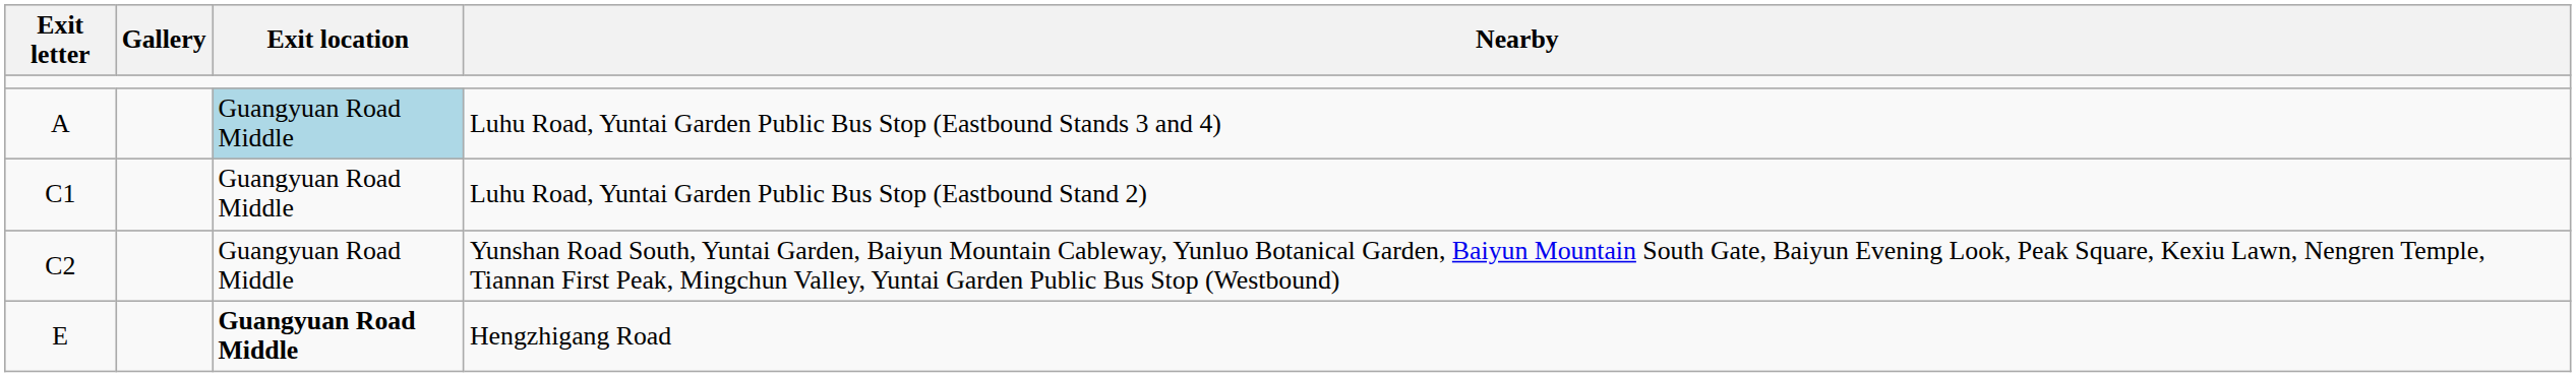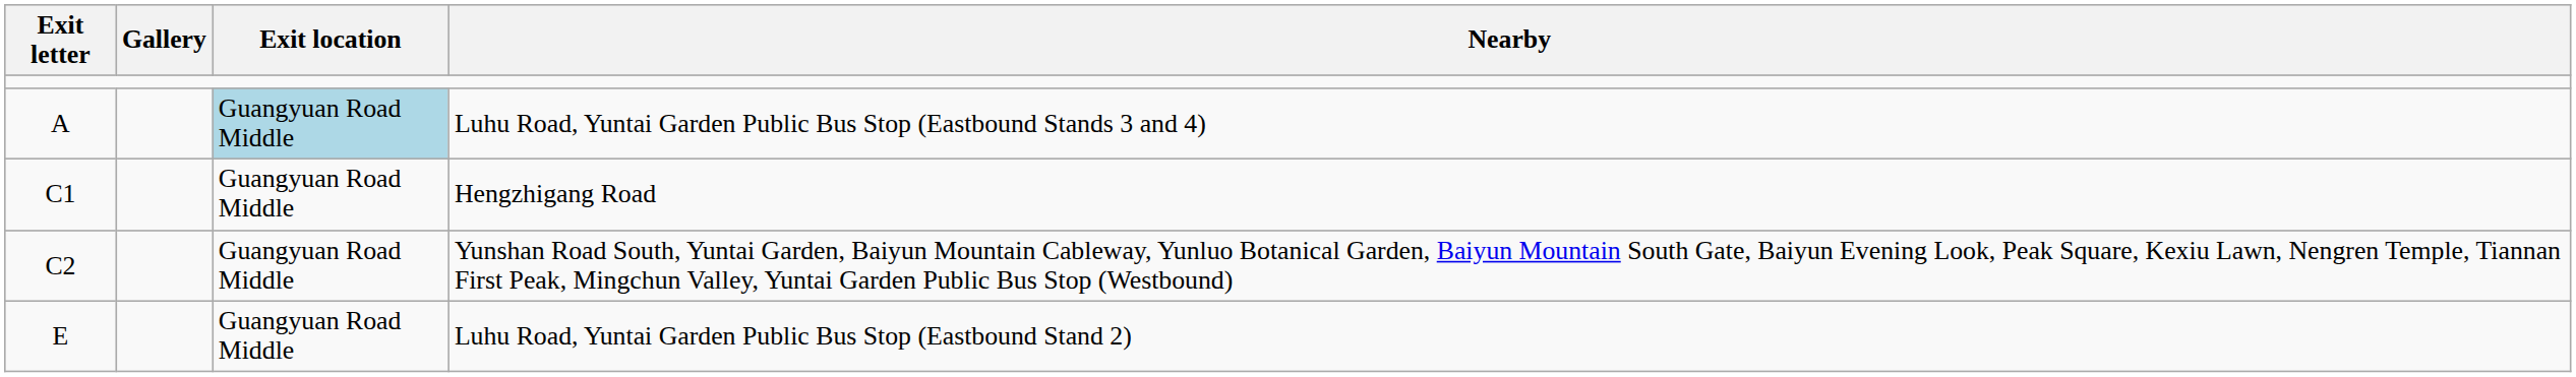 <table class="wikitable">
 <tr>
 <th style="width:70px" colspan="3">Exit letter</th>
 <th>Gallery</th>
 <th>Exit location</th>
 <th>Nearby</th>
 </tr>
 <tr style="background:#">
 <td colspan = "6"></td>
 </tr>
 <tr>
 <td align="center" colspan="3">A</td>
 <td></td>
 <td style="background: lightblue;">Guangyuan Road Middle</td>
 <td>Luhu Road, Yuntai Garden Public Bus Stop (Eastbound Stands 3 and 4)</td>
 </tr>
 <tr>
 <td align="center" colspan="3">C1</td>
 <td></td>
 <td>Guangyuan Road Middle</td>
-<td>Luhu Road, Yuntai Garden Public Bus Stop (Eastbound Stand 2)</td>
+<td>Hengzhigang Road</td>
 </tr>
 <tr>
 <td align="center" colspan="3">C2</td>
 <td></td>
 <td>Guangyuan Road Middle</td>
 <td>Yunshan Road South, Yuntai Garden, Baiyun Mountain Cableway, Yunluo Botanical Garden, <a href='#'>Baiyun Mountain</a> South Gate, Baiyun Evening Look, Peak Square, Kexiu Lawn, Nengren Temple, Tiannan First Peak, Mingchun Valley, Yuntai Garden Public Bus Stop (Westbound)</td>
 </tr>
 <tr>
 <td align="center" colspan="3">E</td>
 <td></td>
-<td><strong>Guangyuan Road Middle</strong></td>
-<td>Hengzhigang Road</td>
+<td>Guangyuan Road Middle</td>
+<td>Luhu Road, Yuntai Garden Public Bus Stop (Eastbound Stand 2)</td>
 </tr>
 </table>
